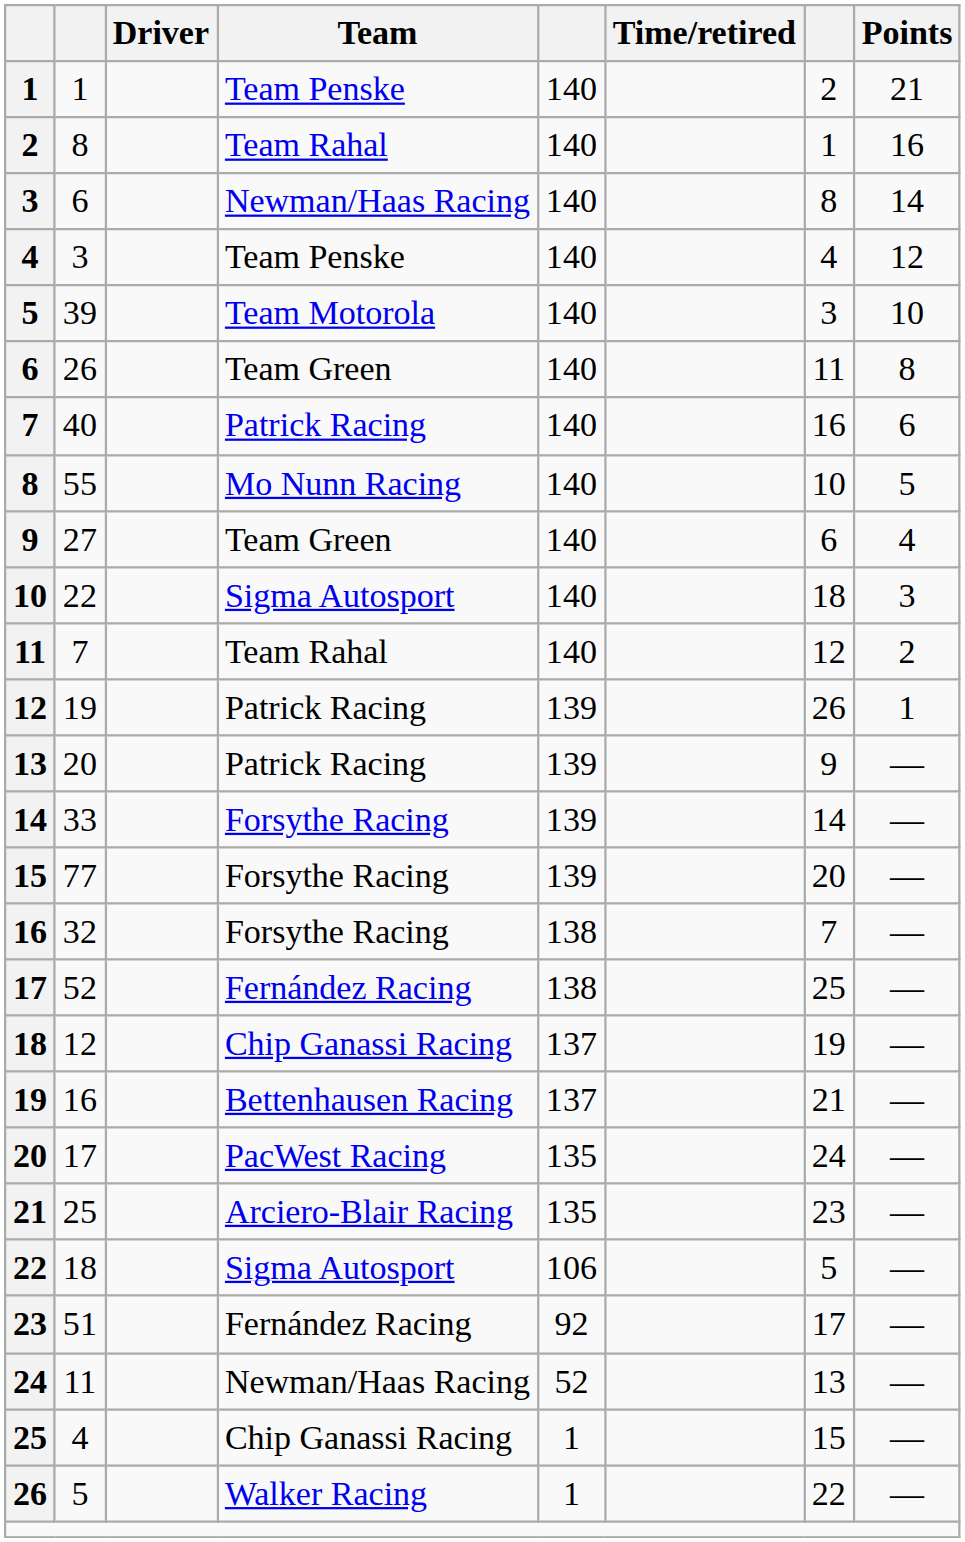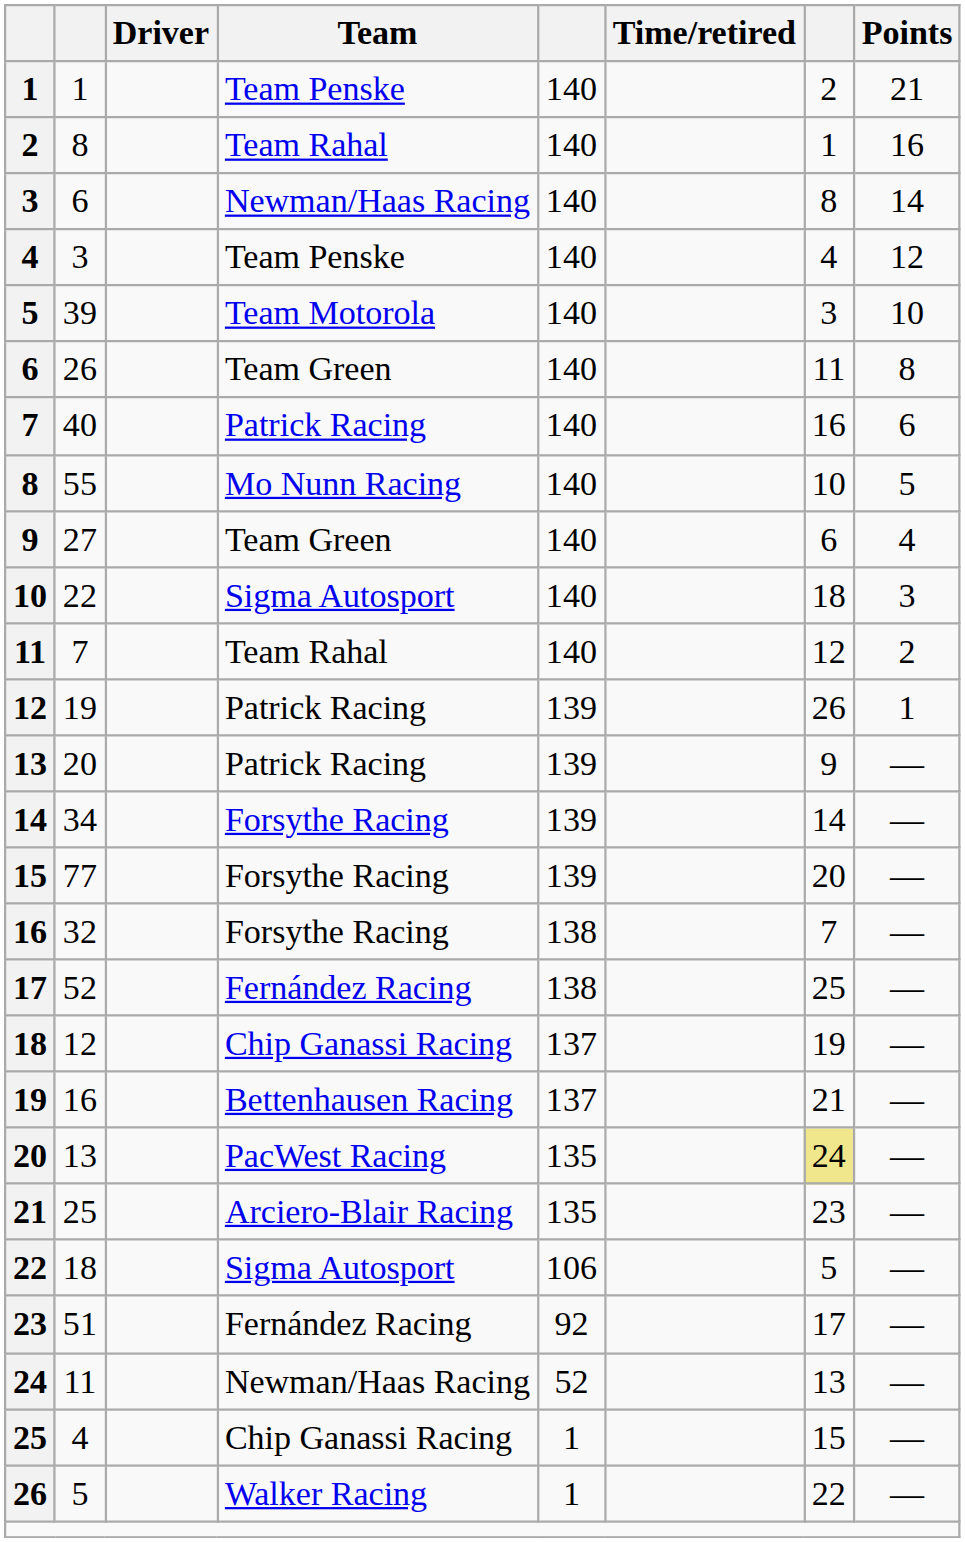 <table class="wikitable sortable" style="font-size:95%;">
 <tr>
 <th scope="col"></th>
 <th scope="col"></th>
 <th scope="col">Driver</th>
 <th scope="col">Team</th>
 <th scope="col"></th>
 <th scope="col">Time/retired</th>
 <th scope="col"></th>
 <th scope="col">Points</th>
 </tr>
 <tr>
 <th scope="row">1</th>
 <td align="center">1</td>
 <td></td>
 <td><a href='#'>Team Penske</a></td>
 <td align="center">140</td>
 <td align="center"></td>
 <td align="center">2</td>
 <td align="center">21</td>
 </tr>
 <tr>
 <th scope="row">2</th>
 <td align="center">8</td>
 <td></td>
 <td><a href='#'>Team Rahal</a></td>
 <td align="center">140</td>
 <td align="center"></td>
 <td align="center">1</td>
 <td align="center">16</td>
 </tr>
 <tr>
 <th scope="row">3</th>
 <td align="center">6</td>
 <td></td>
 <td><a href='#'>Newman/Haas Racing</a></td>
 <td align="center">140</td>
 <td align="center"></td>
 <td align="center">8</td>
 <td align="center">14</td>
 </tr>
 <tr>
 <th scope="row">4</th>
 <td align="center">3</td>
 <td></td>
 <td>Team Penske</td>
 <td align="center">140</td>
 <td align="center"></td>
 <td align="center">4</td>
 <td align="center">12</td>
 </tr>
 <tr>
 <th scope="row">5</th>
 <td align="center">39</td>
 <td></td>
 <td><a href='#'>Team Motorola</a></td>
 <td align="center">140</td>
 <td align="center"></td>
 <td align="center">3</td>
 <td align="center">10</td>
 </tr>
 <tr>
 <th scope="row">6</th>
 <td align="center">26</td>
 <td></td>
 <td>Team Green</td>
 <td align="center">140</td>
 <td align="center"></td>
 <td align="center">11</td>
 <td align="center">8</td>
 </tr>
 <tr>
 <th scope="row">7</th>
 <td align="center">40</td>
 <td></td>
 <td><a href='#'>Patrick Racing</a></td>
 <td align="center">140</td>
 <td align="center"></td>
 <td align="center">16</td>
 <td align="center">6</td>
 </tr>
 <tr>
 <th scope="row">8</th>
 <td align="center">55</td>
 <td></td>
 <td><a href='#'>Mo Nunn Racing</a></td>
 <td align="center">140</td>
 <td align="center"></td>
 <td align="center">10</td>
 <td align="center">5</td>
 </tr>
 <tr>
 <th scope="row">9</th>
 <td align="center">27</td>
 <td></td>
 <td>Team Green</td>
 <td align="center">140</td>
 <td align="center"></td>
 <td align="center">6</td>
 <td align="center">4</td>
 </tr>
 <tr>
 <th scope="row">10</th>
 <td align="center">22</td>
 <td></td>
 <td><a href='#'>Sigma Autosport</a></td>
 <td align="center">140</td>
 <td align="center"></td>
 <td align="center">18</td>
 <td align="center">3</td>
 </tr>
 <tr>
 <th scope="row">11</th>
 <td align="center">7</td>
 <td></td>
 <td>Team Rahal</td>
 <td align="center">140</td>
 <td align="center"></td>
 <td align="center">12</td>
 <td align="center">2</td>
 </tr>
 <tr>
 <th scope="row">12</th>
 <td align="center">19</td>
 <td></td>
 <td>Patrick Racing</td>
 <td align="center">139</td>
 <td align="center"></td>
 <td align="center">26</td>
 <td align="center">1</td>
 </tr>
 <tr>
 <th scope="row">13</th>
 <td align="center">20</td>
 <td></td>
 <td>Patrick Racing</td>
 <td align="center">139</td>
 <td align="center"></td>
 <td align="center">9</td>
 <td align="center">—</td>
 </tr>
 <tr>
 <th scope="row">14</th>
-<td align="center">33</td>
+<td align="center">34</td>
 <td></td>
 <td><a href='#'>Forsythe Racing</a></td>
 <td align="center">139</td>
 <td align="center"></td>
 <td align="center">14</td>
 <td align="center">—</td>
 </tr>
 <tr>
 <th scope="row">15</th>
 <td align="center">77</td>
 <td></td>
 <td>Forsythe Racing</td>
 <td align="center">139</td>
 <td align="center"></td>
 <td align="center">20</td>
 <td align="center">—</td>
 </tr>
 <tr>
 <th scope="row">16</th>
 <td align="center">32</td>
 <td></td>
 <td>Forsythe Racing</td>
 <td align="center">138</td>
 <td align="center"></td>
 <td align="center">7</td>
 <td align="center">—</td>
 </tr>
 <tr>
 <th scope="row">17</th>
 <td align="center">52</td>
 <td></td>
 <td><a href='#'>Fernández Racing</a></td>
 <td align="center">138</td>
 <td align="center"></td>
 <td align="center">25</td>
 <td align="center">—</td>
 </tr>
 <tr>
 <th scope="row">18</th>
 <td align="center">12</td>
 <td></td>
 <td><a href='#'>Chip Ganassi Racing</a></td>
 <td align="center">137</td>
 <td align="center"></td>
 <td align="center">19</td>
 <td align="center">—</td>
 </tr>
 <tr>
 <th scope="row">19</th>
 <td align="center">16</td>
 <td></td>
 <td><a href='#'>Bettenhausen Racing</a></td>
 <td align="center">137</td>
 <td align="center"></td>
 <td align="center">21</td>
 <td align="center">—</td>
 </tr>
 <tr>
 <th scope="row">20</th>
-<td align="center">17</td>
+<td align="center">13</td>
 <td></td>
 <td><a href='#'>PacWest Racing</a></td>
 <td align="center">135</td>
 <td align="center"></td>
-<td align="center">24</td>
+<td align="center" style="background: khaki;">24</td>
 <td align="center">—</td>
 </tr>
 <tr>
 <th scope="row">21</th>
 <td align="center">25</td>
 <td></td>
 <td><a href='#'>Arciero-Blair Racing</a></td>
 <td align="center">135</td>
 <td align="center"></td>
 <td align="center">23</td>
 <td align="center">—</td>
 </tr>
 <tr>
 <th scope="row">22</th>
 <td align="center">18</td>
 <td></td>
 <td><a href='#'>Sigma Autosport</a></td>
 <td align="center">106</td>
 <td align="center"></td>
 <td align="center">5</td>
 <td align="center">—</td>
 </tr>
 <tr>
 <th scope="row">23</th>
 <td align="center">51</td>
 <td></td>
 <td>Fernández Racing</td>
 <td align="center">92</td>
 <td align="center"></td>
 <td align="center">17</td>
 <td align="center">—</td>
 </tr>
 <tr>
 <th scope="row">24</th>
 <td align="center">11</td>
 <td></td>
 <td>Newman/Haas Racing</td>
 <td align="center">52</td>
 <td align="center"></td>
 <td align="center">13</td>
 <td align="center">—</td>
 </tr>
 <tr>
 <th scope="row">25</th>
 <td align="center">4</td>
 <td></td>
 <td>Chip Ganassi Racing</td>
 <td align="center">1</td>
 <td align="center"></td>
 <td align="center">15</td>
 <td align="center">—</td>
 </tr>
 <tr>
 <th scope="row">26</th>
 <td align="center">5</td>
 <td></td>
 <td><a href='#'>Walker Racing</a></td>
 <td align="center">1</td>
 <td align="center"></td>
 <td align="center">22</td>
 <td align="center">—</td>
 </tr>
 <tr class="sortbottom">
 <td colspan="8"></td>
 </tr>
 </table>
